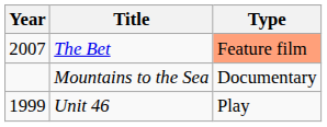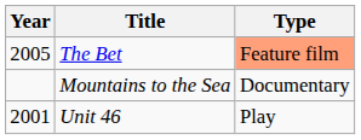 <table class="wikitable">
 <tr>
 <th>Year</th>
 <th>Title</th>
 <th>Type</th>
 </tr>
 <tr>
-<td>2007</td>
+<td>2005</td>
 <td><em><a href='#'>The Bet</a></em></td>
 <td style="background: lightsalmon;">Feature film</td>
 </tr>
 <tr>
 <td></td>
 <td><em>Mountains to the Sea</em></td>
 <td>Documentary</td>
 </tr>
 <tr>
-<td>1999</td>
+<td>2001</td>
 <td><em>Unit 46</em></td>
 <td>Play</td>
 </tr>
 </table>
